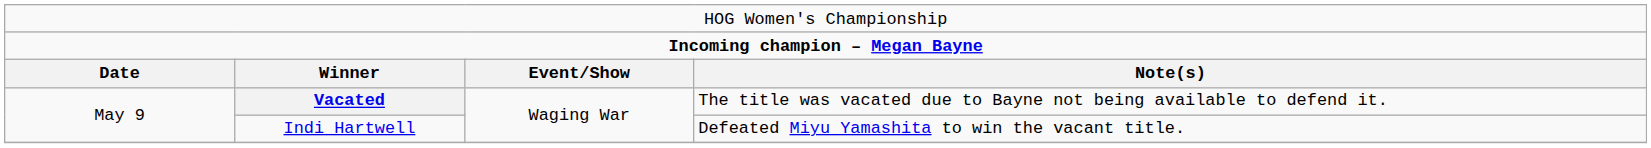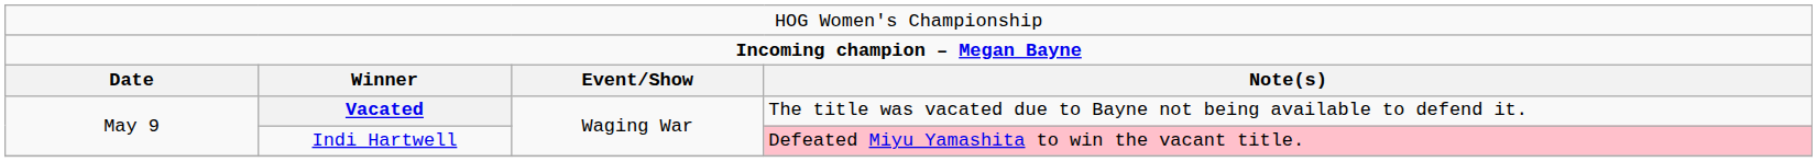 <table class="wikitable" style="text-align:center; width:100%;">
 <tr>
 <td colspan="4" style="text-align: center;">HOG Women's Championship</td>
 </tr>
 <tr>
 <td colspan="4" style="text-align: center;"><strong>Incoming champion – <a href='#'>Megan Bayne</a></strong></td>
 </tr>
 <tr>
 <th width=14%>Date</th>
 <th width=14%>Winner</th>
 <th width=14%>Event/Show</th>
 <th width=58%>Note(s)</th>
 </tr>
 <tr>
 <td rowspan=2>May 9</td>
 <th><a href='#'>Vacated</a></th>
 <td rowspan=2>Waging War</td>
 <td align=left>The title was vacated due to Bayne not being available to defend it.</td>
 </tr>
 <tr>
 <td><a href='#'>Indi Hartwell</a></td>
-<td align=left>Defeated <a href='#'>Miyu Yamashita</a> to win the vacant title.</td>
+<td align=left style="background: pink;">Defeated <a href='#'>Miyu Yamashita</a> to win the vacant title.</td>
 </tr>
 <tr>
 </tr>
 </table>
